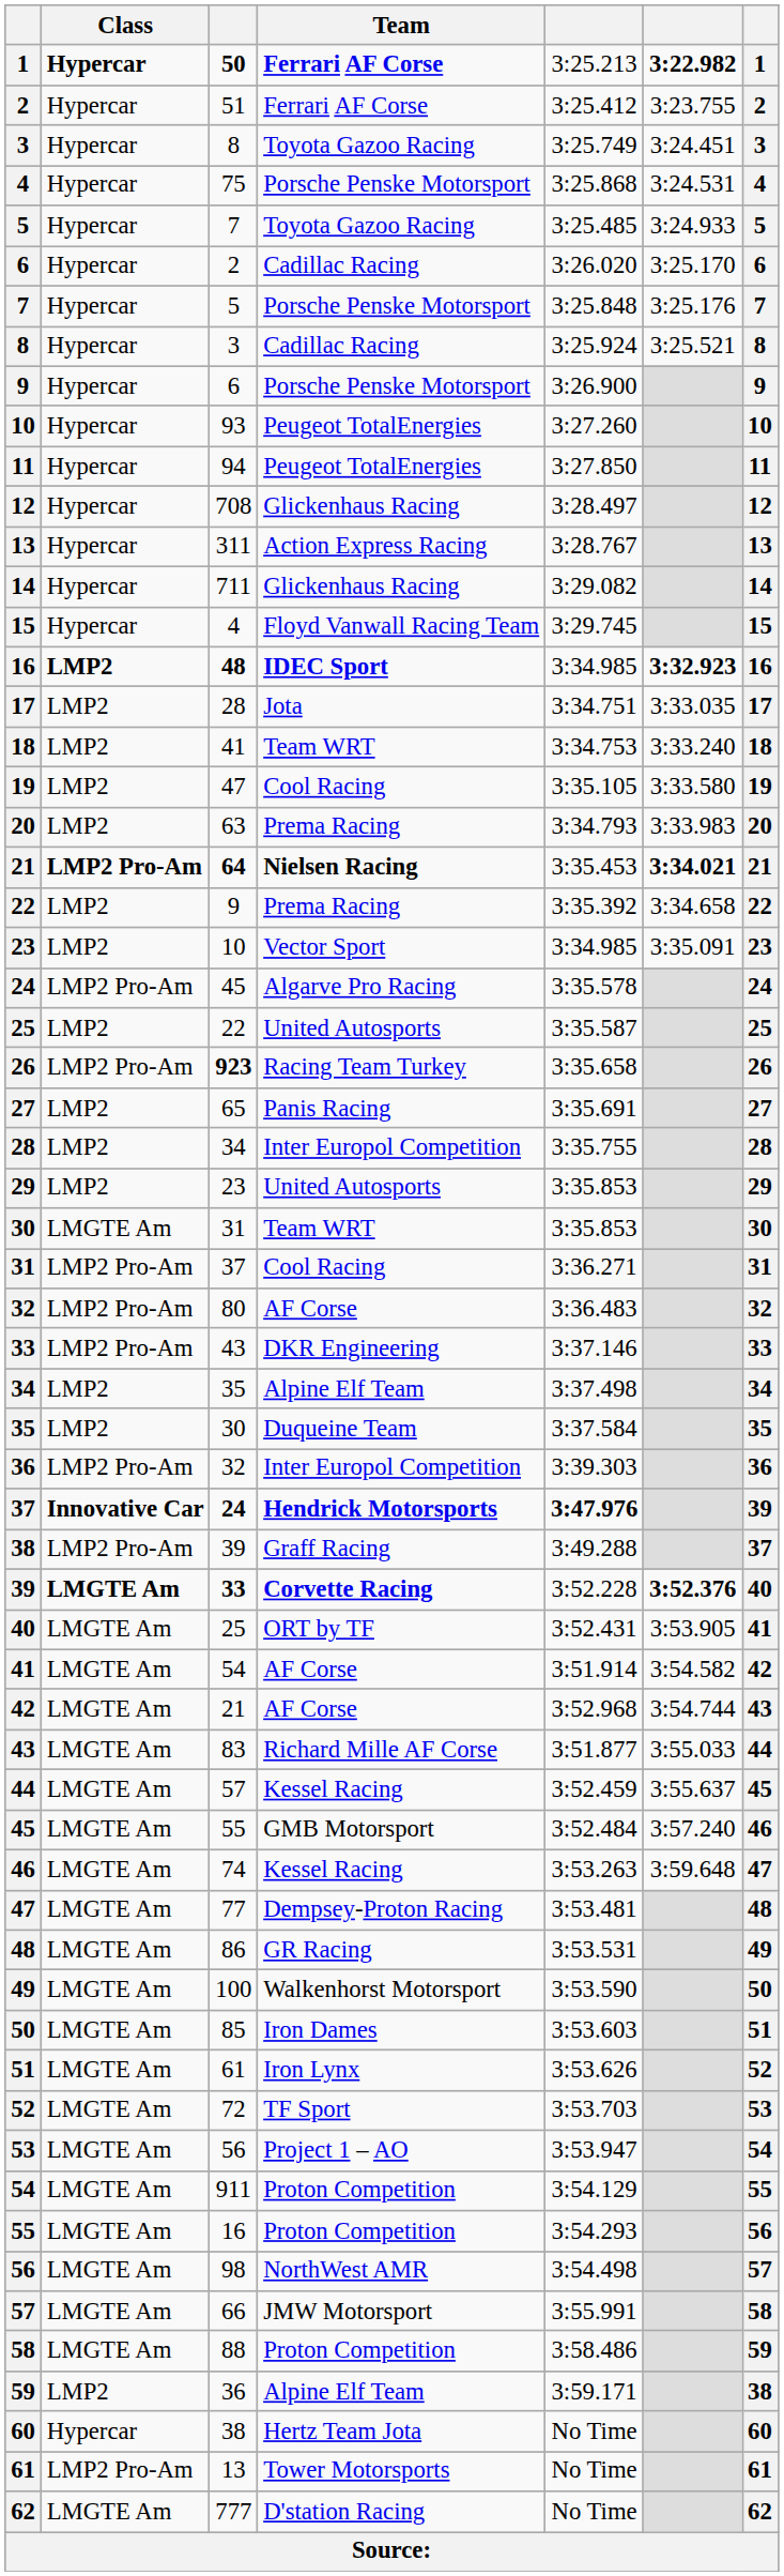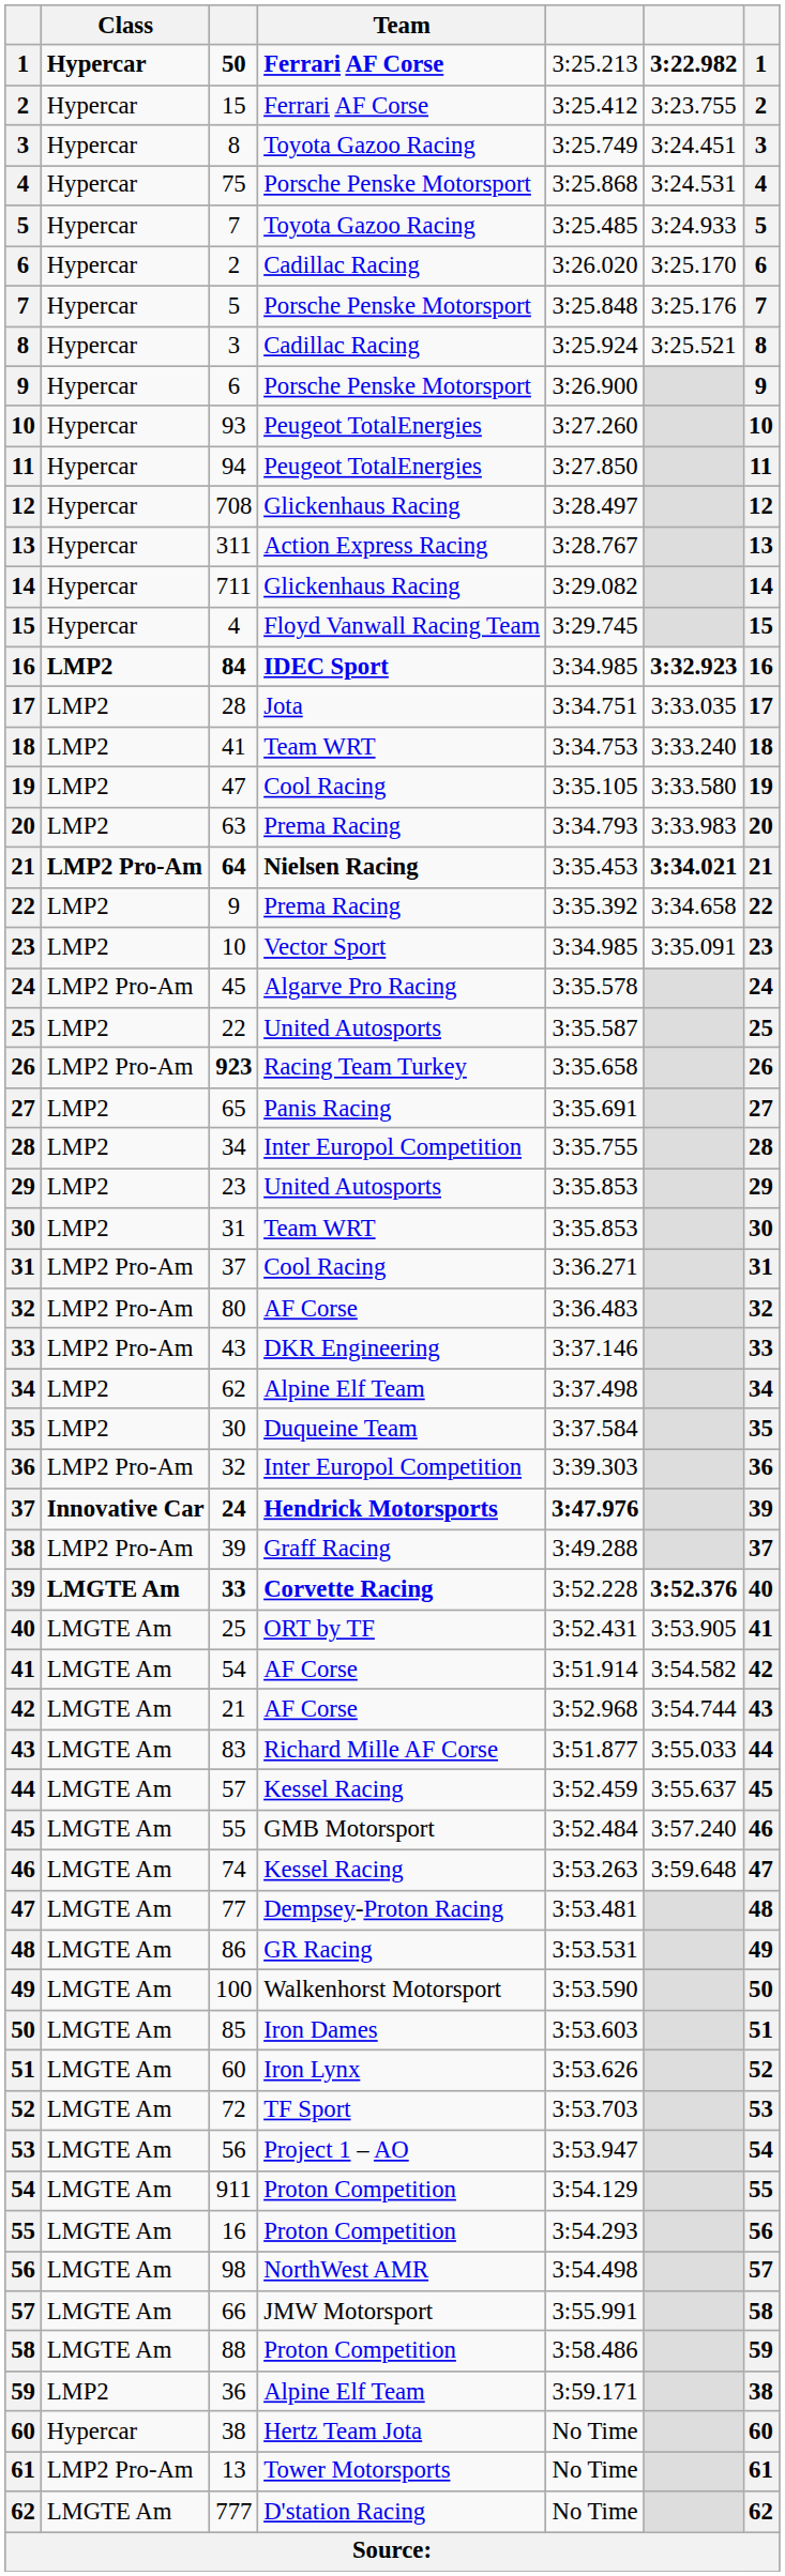 <table class="wikitable sortable" style="font-size: 85%;">
 <tr>
 <th scope="col"></th>
 <th scope="col">Class</th>
 <th scope="col"></th>
 <th scope="col">Team</th>
 <th scope="col"></th>
 <th scope="col"></th>
 <th scope="col"></th>
 </tr>
 <tr>
 <th scope="row"><strong>1</strong></th>
 <td><strong>Hypercar</strong></td>
 <td align="center"><strong>50</strong></td>
 <td><strong><a href='#'>Ferrari</a> <a href='#'>AF Corse</a></strong></td>
 <td align="center">3:25.213</td>
 <td align="center"><strong>3:22.982</strong></td>
 <th><strong>1</strong></th>
 </tr>
 <tr>
 <th scope="row">2</th>
 <td>Hypercar</td>
-<td align="center">51</td>
+<td align="center">15</td>
 <td><a href='#'>Ferrari</a> <a href='#'>AF Corse</a></td>
 <td align="center">3:25.412</td>
 <td align="center">3:23.755</td>
 <th>2</th>
 </tr>
 <tr>
 <th scope="row">3</th>
 <td>Hypercar</td>
 <td align="center">8</td>
 <td><a href='#'>Toyota Gazoo Racing</a></td>
 <td align="center">3:25.749</td>
 <td align="center">3:24.451</td>
 <th>3</th>
 </tr>
 <tr>
 <th scope="row">4</th>
 <td>Hypercar</td>
 <td align="center">75</td>
 <td nowrap><a href='#'>Porsche Penske Motorsport</a></td>
 <td align="center">3:25.868</td>
 <td align="center">3:24.531</td>
 <th>4</th>
 </tr>
 <tr>
 <th scope="row">5</th>
 <td>Hypercar</td>
 <td align="center">7</td>
 <td><a href='#'>Toyota Gazoo Racing</a></td>
 <td align="center">3:25.485</td>
 <td align="center">3:24.933</td>
 <th>5</th>
 </tr>
 <tr>
 <th scope="row">6</th>
 <td>Hypercar</td>
 <td align="center">2</td>
 <td><a href='#'>Cadillac Racing</a></td>
 <td align="center">3:26.020</td>
 <td align="center">3:25.170</td>
 <th>6</th>
 </tr>
 <tr>
 <th scope="row">7</th>
 <td>Hypercar</td>
 <td align="center">5</td>
 <td><a href='#'>Porsche Penske Motorsport</a></td>
 <td align="center">3:25.848</td>
 <td align="center">3:25.176</td>
 <th>7</th>
 </tr>
 <tr>
 <th scope="row">8</th>
 <td>Hypercar</td>
 <td align="center">3</td>
 <td><a href='#'>Cadillac Racing</a></td>
 <td align="center">3:25.924</td>
 <td align="center">3:25.521</td>
 <th>8</th>
 </tr>
 <tr>
 <th scope="row">9</th>
 <td>Hypercar</td>
 <td align="center">6</td>
 <td><a href='#'>Porsche Penske Motorsport</a></td>
 <td align="center">3:26.900</td>
 <td style="background:#ddd;"></td>
 <th>9</th>
 </tr>
 <tr>
 <th scope="row">10</th>
 <td>Hypercar</td>
 <td align="center">93</td>
 <td><a href='#'>Peugeot TotalEnergies</a></td>
 <td align="center">3:27.260</td>
 <td style="background:#ddd;"></td>
 <th>10</th>
 </tr>
 <tr>
 <th scope="row">11</th>
 <td>Hypercar</td>
 <td align="center">94</td>
 <td><a href='#'>Peugeot TotalEnergies</a></td>
 <td align="center">3:27.850</td>
 <td style="background:#ddd;"></td>
 <th>11</th>
 </tr>
 <tr>
 <th scope="row">12</th>
 <td>Hypercar</td>
 <td align="center">708</td>
 <td><a href='#'>Glickenhaus Racing</a></td>
 <td align="center">3:28.497</td>
 <td style="background:#ddd;"></td>
 <th>12</th>
 </tr>
 <tr>
 <th scope="row">13</th>
 <td>Hypercar</td>
 <td align="center">311</td>
 <td><a href='#'>Action Express Racing</a></td>
 <td align="center">3:28.767</td>
 <td style="background:#ddd;"></td>
 <th>13</th>
 </tr>
 <tr>
 <th scope="row">14</th>
 <td>Hypercar</td>
 <td align="center">711</td>
 <td><a href='#'>Glickenhaus Racing</a></td>
 <td align="center">3:29.082</td>
 <td style="background:#ddd;"></td>
 <th>14</th>
 </tr>
 <tr>
 <th scope="row">15</th>
 <td>Hypercar</td>
 <td align="center">4</td>
 <td><a href='#'>Floyd Vanwall Racing Team</a></td>
 <td align="center">3:29.745</td>
 <td style="background:#ddd;"></td>
 <th>15</th>
 </tr>
 <tr>
 <th scope="row">16</th>
 <td><strong>LMP2</strong></td>
-<td align="center"><strong>48</strong></td>
+<td align="center"><strong>84</strong></td>
 <td><a href='#'><strong>IDEC Sport</strong></a></td>
 <td align="center">3:34.985</td>
 <td align="center"><strong>3:32.923</strong></td>
 <th>16</th>
 </tr>
 <tr>
 <th scope="row">17</th>
 <td>LMP2</td>
 <td align="center">28</td>
 <td><a href='#'>Jota</a></td>
 <td align="center">3:34.751</td>
 <td align="center">3:33.035</td>
 <th>17</th>
 </tr>
 <tr>
 <th scope="row">18</th>
 <td>LMP2</td>
 <td align="center">41</td>
 <td><a href='#'>Team WRT</a></td>
 <td align="center">3:34.753</td>
 <td align="center">3:33.240</td>
 <th>18</th>
 </tr>
 <tr>
 <th scope="row">19</th>
 <td>LMP2</td>
 <td align="center">47</td>
 <td><a href='#'>Cool Racing</a></td>
 <td align="center">3:35.105</td>
 <td align="center">3:33.580</td>
 <th>19</th>
 </tr>
 <tr>
 <th scope="row">20</th>
 <td>LMP2</td>
 <td align="center">63</td>
 <td><a href='#'>Prema Racing</a></td>
 <td align="center">3:34.793</td>
 <td align="center">3:33.983</td>
 <th>20</th>
 </tr>
 <tr>
 <th scope="row">21</th>
 <td nowrap><strong>LMP2 Pro-Am</strong></td>
 <td align="center"><strong>64</strong></td>
 <td><strong>Nielsen Racing</strong></td>
 <td align="center">3:35.453</td>
 <td align="center"><strong>3:34.021</strong></td>
 <th>21</th>
 </tr>
 <tr>
 <th scope="row">22</th>
 <td>LMP2</td>
 <td align="center">9</td>
 <td><a href='#'>Prema Racing</a></td>
 <td align="center">3:35.392</td>
 <td align="center">3:34.658</td>
 <th>22</th>
 </tr>
 <tr>
 <th scope="row">23</th>
 <td>LMP2</td>
 <td align="center">10</td>
 <td><a href='#'>Vector Sport</a></td>
 <td align="center">3:34.985</td>
 <td align="center">3:35.091</td>
 <th>23</th>
 </tr>
 <tr>
 <th scope="row">24</th>
 <td>LMP2 Pro-Am</td>
 <td align="center">45</td>
 <td><a href='#'>Algarve Pro Racing</a></td>
 <td align="center">3:35.578</td>
 <td style="background:#ddd;"></td>
 <th>24</th>
 </tr>
 <tr>
 <th scope="row">25</th>
 <td>LMP2</td>
 <td align="center">22</td>
 <td><a href='#'>United Autosports</a></td>
 <td align="center">3:35.587</td>
 <td style="background:#ddd;"></td>
 <th>25</th>
 </tr>
 <tr>
 <th scope="row">26</th>
 <td>LMP2 Pro-Am</td>
 <td align="center"><strong>923</strong></td>
 <td><a href='#'>Racing Team Turkey</a></td>
 <td align="center">3:35.658</td>
 <td style="background:#ddd;"></td>
 <th>26</th>
 </tr>
 <tr>
 <th scope="row">27</th>
 <td>LMP2</td>
 <td align="center">65</td>
 <td><a href='#'>Panis Racing</a></td>
 <td align="center">3:35.691</td>
 <td style="background:#ddd;"></td>
 <th>27</th>
 </tr>
 <tr>
 <th scope="row">28</th>
 <td>LMP2</td>
 <td align="center">34</td>
 <td><a href='#'>Inter Europol Competition</a></td>
 <td align="center">3:35.755</td>
 <td style="background:#ddd;"></td>
 <th>28</th>
 </tr>
 <tr>
 <th scope="row">29</th>
 <td>LMP2</td>
 <td align="center">23</td>
 <td><a href='#'>United Autosports</a></td>
 <td align="center">3:35.853</td>
 <td style="background:#ddd;"></td>
 <th>29</th>
 </tr>
 <tr>
 <th scope="row">30</th>
-<td>LMGTE Am</td>
+<td>LMP2</td>
 <td align="center">31</td>
 <td><a href='#'>Team WRT</a></td>
 <td align="center">3:35.853</td>
 <td style="background:#ddd;"></td>
 <th>30</th>
 </tr>
 <tr>
 <th scope="row">31</th>
 <td>LMP2 Pro-Am</td>
 <td align="center">37</td>
 <td><a href='#'>Cool Racing</a></td>
 <td align="center">3:36.271</td>
 <td style="background:#ddd;"></td>
 <th>31</th>
 </tr>
 <tr>
 <th scope="row">32</th>
 <td>LMP2 Pro-Am</td>
 <td align="center">80</td>
 <td><a href='#'>AF Corse</a></td>
 <td align="center">3:36.483</td>
 <td style="background:#ddd;"></td>
 <th>32</th>
 </tr>
 <tr>
 <th scope="row">33</th>
 <td>LMP2 Pro-Am</td>
 <td align="center">43</td>
 <td><a href='#'>DKR Engineering</a></td>
 <td align="center">3:37.146</td>
 <td style="background:#ddd;"></td>
 <th>33</th>
 </tr>
 <tr>
 <th scope="row">34</th>
 <td>LMP2</td>
-<td align="center">35</td>
+<td align="center">62</td>
 <td><a href='#'>Alpine Elf Team</a></td>
 <td align="center">3:37.498</td>
 <td style="background:#ddd;"></td>
 <th>34</th>
 </tr>
 <tr>
 <th scope="row">35</th>
 <td>LMP2</td>
 <td align="center">30</td>
 <td><a href='#'>Duqueine Team</a></td>
 <td align="center">3:37.584</td>
 <td style="background:#ddd;"></td>
 <th>35</th>
 </tr>
 <tr>
 <th scope="row">36</th>
 <td>LMP2 Pro-Am</td>
 <td align="center">32</td>
 <td><a href='#'>Inter Europol Competition</a></td>
 <td align="center">3:39.303</td>
 <td style="background:#ddd;"></td>
 <th>36</th>
 </tr>
 <tr>
 <th scope="row">37</th>
 <td><strong>Innovative Car</strong></td>
 <td align="center"><strong>24</strong></td>
 <td><strong><a href='#'>Hendrick Motorsports</a></strong></td>
 <td align="center"><strong>3:47.976</strong></td>
 <td style="background:#ddd;"></td>
 <th>39</th>
 </tr>
 <tr>
 <th scope="row">38</th>
 <td>LMP2 Pro-Am</td>
 <td align="center">39</td>
 <td><a href='#'>Graff Racing</a></td>
 <td align="center">3:49.288</td>
 <td style="background:#ddd;"></td>
 <th>37</th>
 </tr>
 <tr>
 <th scope="row">39</th>
 <td><strong>LMGTE Am</strong></td>
 <td align="center"><strong>33</strong></td>
 <td><strong><a href='#'>Corvette Racing</a></strong></td>
 <td align="center">3:52.228</td>
 <td align="center"><strong>3:52.376</strong></td>
 <th>40</th>
 </tr>
 <tr>
 <th scope="row">40</th>
 <td>LMGTE Am</td>
 <td align="center">25</td>
 <td><a href='#'>ORT by TF</a></td>
 <td align="center">3:52.431</td>
 <td align="center">3:53.905</td>
 <th>41</th>
 </tr>
 <tr>
 <th scope="row">41</th>
 <td>LMGTE Am</td>
 <td align="center">54</td>
 <td><a href='#'>AF Corse</a></td>
 <td align="center">3:51.914</td>
 <td align="center">3:54.582</td>
 <th>42</th>
 </tr>
 <tr>
 <th scope="row">42</th>
 <td>LMGTE Am</td>
 <td align="center">21</td>
 <td><a href='#'>AF Corse</a></td>
 <td align="center">3:52.968</td>
 <td align="center">3:54.744</td>
 <th>43</th>
 </tr>
 <tr>
 <th scope="row">43</th>
 <td>LMGTE Am</td>
 <td align="center">83</td>
 <td><a href='#'>Richard Mille AF Corse</a></td>
 <td align="center">3:51.877</td>
 <td align="center">3:55.033</td>
 <th>44</th>
 </tr>
 <tr>
 <th scope="row">44</th>
 <td>LMGTE Am</td>
 <td align="center">57</td>
 <td><a href='#'>Kessel Racing</a></td>
 <td align="center">3:52.459</td>
 <td align="center">3:55.637</td>
 <th>45</th>
 </tr>
 <tr>
 <th scope="row">45</th>
 <td>LMGTE Am</td>
 <td align="center">55</td>
 <td>GMB Motorsport</td>
 <td align="center">3:52.484</td>
 <td align="center">3:57.240</td>
 <th>46</th>
 </tr>
 <tr>
 <th scope="row">46</th>
 <td>LMGTE Am</td>
 <td align="center">74</td>
 <td><a href='#'>Kessel Racing</a></td>
 <td align="center">3:53.263</td>
 <td align="center">3:59.648</td>
 <th>47</th>
 </tr>
 <tr>
 <th scope="row">47</th>
 <td>LMGTE Am</td>
 <td align="center">77</td>
 <td><a href='#'>Dempsey</a>-<a href='#'>Proton Racing</a></td>
 <td align="center">3:53.481</td>
 <td style="background:#ddd;"></td>
 <th>48</th>
 </tr>
 <tr>
 <th scope="row">48</th>
 <td>LMGTE Am</td>
 <td align="center">86</td>
 <td><a href='#'>GR Racing</a></td>
 <td align="center">3:53.531</td>
 <td style="background:#ddd;"></td>
 <th>49</th>
 </tr>
 <tr>
 <th scope="row">49</th>
 <td>LMGTE Am</td>
 <td align="center">100</td>
 <td>Walkenhorst Motorsport</td>
 <td align="center">3:53.590</td>
 <td style="background:#ddd;"></td>
 <th>50</th>
 </tr>
 <tr>
 <th scope="row">50</th>
 <td>LMGTE Am</td>
 <td align="center">85</td>
 <td><a href='#'>Iron Dames</a></td>
 <td align="center">3:53.603</td>
 <td style="background:#ddd;"></td>
 <th>51</th>
 </tr>
 <tr>
 <th scope="row">51</th>
 <td>LMGTE Am</td>
-<td align="center">61</td>
+<td align="center">60</td>
 <td><a href='#'>Iron Lynx</a></td>
 <td align="center">3:53.626</td>
 <td style="background:#ddd;"></td>
 <th>52</th>
 </tr>
 <tr>
 <th scope="row">52</th>
 <td>LMGTE Am</td>
 <td align="center">72</td>
 <td><a href='#'>TF Sport</a></td>
 <td align="center">3:53.703</td>
 <td style="background:#ddd;"></td>
 <th>53</th>
 </tr>
 <tr>
 <th scope="row">53</th>
 <td>LMGTE Am</td>
 <td align="center">56</td>
 <td><a href='#'>Project 1</a> – <a href='#'>AO</a></td>
 <td align="center">3:53.947</td>
 <td style="background:#ddd;"></td>
 <th>54</th>
 </tr>
 <tr>
 <th scope="row">54</th>
 <td>LMGTE Am</td>
 <td align="center">911</td>
 <td><a href='#'>Proton Competition</a></td>
 <td align="center">3:54.129</td>
 <td style="background:#ddd;"></td>
 <th>55</th>
 </tr>
 <tr>
 <th scope="row">55</th>
 <td>LMGTE Am</td>
 <td align="center">16</td>
 <td><a href='#'>Proton Competition</a></td>
 <td align="center">3:54.293</td>
 <td style="background:#ddd;"></td>
 <th>56</th>
 </tr>
 <tr>
 <th scope="row">56</th>
 <td>LMGTE Am</td>
 <td align="center">98</td>
 <td><a href='#'>NorthWest AMR</a></td>
 <td align="center">3:54.498</td>
 <td style="background:#ddd;"></td>
 <th>57</th>
 </tr>
 <tr>
 <th scope="row">57</th>
 <td>LMGTE Am</td>
 <td align="center">66</td>
 <td>JMW Motorsport</td>
 <td align="center">3:55.991</td>
 <td style="background:#ddd;"></td>
 <th>58</th>
 </tr>
 <tr>
 <th scope="row">58</th>
 <td>LMGTE Am</td>
 <td align="center">88</td>
 <td><a href='#'>Proton Competition</a></td>
 <td align="center">3:58.486</td>
 <td style="background:#ddd;"></td>
 <th>59</th>
 </tr>
 <tr>
 <th scope="row">59</th>
 <td>LMP2</td>
 <td align="center">36</td>
 <td><a href='#'>Alpine Elf Team</a></td>
 <td align="center">3:59.171</td>
 <td style="background:#ddd;"></td>
 <th>38</th>
 </tr>
 <tr>
 <th scope="row">60</th>
 <td>Hypercar</td>
 <td align="center">38</td>
 <td><a href='#'>Hertz Team Jota</a></td>
 <td align="center">No Time</td>
 <td style="background:#ddd;"></td>
 <th>60</th>
 </tr>
 <tr>
 <th scope="row">61</th>
 <td>LMP2 Pro-Am</td>
 <td align="center">13</td>
 <td><a href='#'>Tower Motorsports</a></td>
 <td align="center">No Time</td>
 <td style="background:#ddd;"></td>
 <th>61</th>
 </tr>
 <tr>
 <th scope="row">62</th>
 <td>LMGTE Am</td>
 <td align="center">777</td>
 <td><a href='#'>D'station Racing</a></td>
 <td align="center">No Time</td>
 <td style="background:#ddd;"></td>
 <th>62</th>
 </tr>
 <tr>
 <th colspan="7">Source:</th>
 </tr>
 </table>
